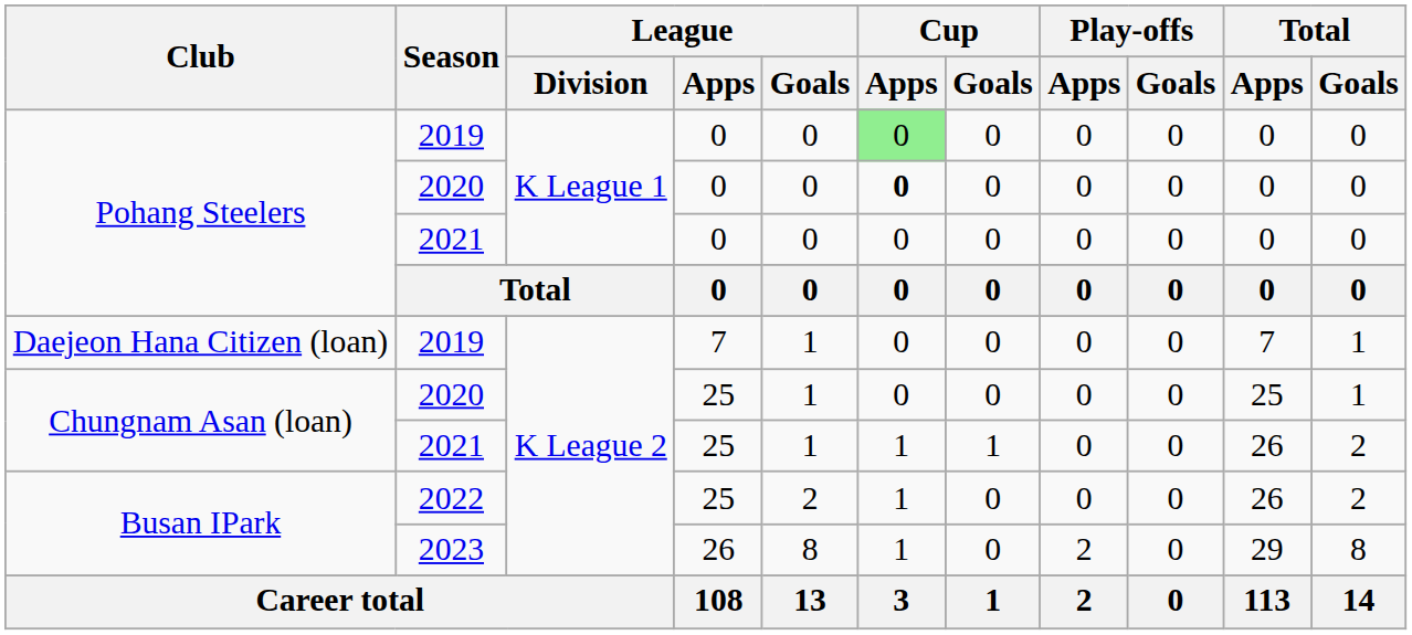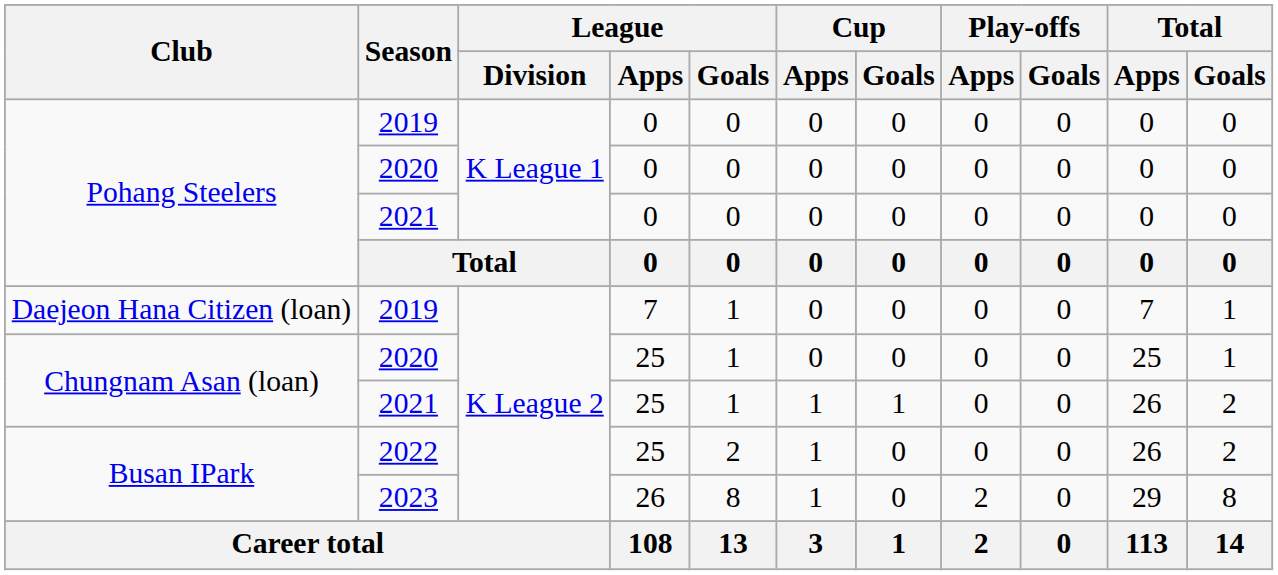 <table class="wikitable" style="text-align: center">
 <tr>
 <th rowspan="2">Club</th>
 <th rowspan="2">Season</th>
 <th colspan="3">League</th>
 <th colspan="2">Cup</th>
 <th colspan="2">Play-offs</th>
 <th colspan="2">Total</th>
 </tr>
 <tr>
 <th>Division</th>
 <th>Apps</th>
 <th>Goals</th>
 <th>Apps</th>
 <th>Goals</th>
 <th>Apps</th>
 <th>Goals</th>
 <th>Apps</th>
 <th>Goals</th>
 </tr>
 <tr>
 <td rowspan="4"><a href='#'>Pohang Steelers</a></td>
 <td><a href='#'>2019</a></td>
 <td rowspan="3"><a href='#'>K League 1</a></td>
 <td>0</td>
 <td>0</td>
-<td style="background: lightgreen;">0</td>
+<td>0</td>
 <td>0</td>
 <td>0</td>
 <td>0</td>
 <td>0</td>
 <td>0</td>
 </tr>
 <tr>
 <td><a href='#'>2020</a></td>
 <td>0</td>
 <td>0</td>
-<td><strong>0</strong></td>
+<td>0</td>
 <td>0</td>
 <td>0</td>
 <td>0</td>
 <td>0</td>
 <td>0</td>
 </tr>
 <tr>
 <td><a href='#'>2021</a></td>
 <td>0</td>
 <td>0</td>
 <td>0</td>
 <td>0</td>
 <td>0</td>
 <td>0</td>
 <td>0</td>
 <td>0</td>
 </tr>
 <tr>
 <th colspan=2>Total</th>
 <th>0</th>
 <th>0</th>
 <th>0</th>
 <th>0</th>
 <th>0</th>
 <th>0</th>
 <th>0</th>
 <th>0</th>
 </tr>
 <tr>
 <td><a href='#'>Daejeon Hana Citizen</a> (loan)</td>
 <td><a href='#'>2019</a></td>
 <td rowspan="5"><a href='#'>K League 2</a></td>
 <td>7</td>
 <td>1</td>
 <td>0</td>
 <td>0</td>
 <td>0</td>
 <td>0</td>
 <td>7</td>
 <td>1</td>
 </tr>
 <tr>
 <td rowspan="2"><a href='#'>Chungnam Asan</a> (loan)</td>
 <td><a href='#'>2020</a></td>
 <td>25</td>
 <td>1</td>
 <td>0</td>
 <td>0</td>
 <td>0</td>
 <td>0</td>
 <td>25</td>
 <td>1</td>
 </tr>
 <tr>
 <td><a href='#'>2021</a></td>
 <td>25</td>
 <td>1</td>
 <td>1</td>
 <td>1</td>
 <td>0</td>
 <td>0</td>
 <td>26</td>
 <td>2</td>
 </tr>
 <tr>
 <td rowspan="2"><a href='#'>Busan IPark</a></td>
 <td><a href='#'>2022</a></td>
 <td>25</td>
 <td>2</td>
 <td>1</td>
 <td>0</td>
 <td>0</td>
 <td>0</td>
 <td>26</td>
 <td>2</td>
 </tr>
 <tr>
 <td><a href='#'>2023</a></td>
 <td>26</td>
 <td>8</td>
 <td>1</td>
 <td>0</td>
 <td>2</td>
 <td>0</td>
 <td>29</td>
 <td>8</td>
 </tr>
 <tr>
 <th colspan=3>Career total</th>
 <th>108</th>
 <th>13</th>
 <th>3</th>
 <th>1</th>
 <th>2</th>
 <th>0</th>
 <th>113</th>
 <th>14</th>
 </tr>
 </table>
